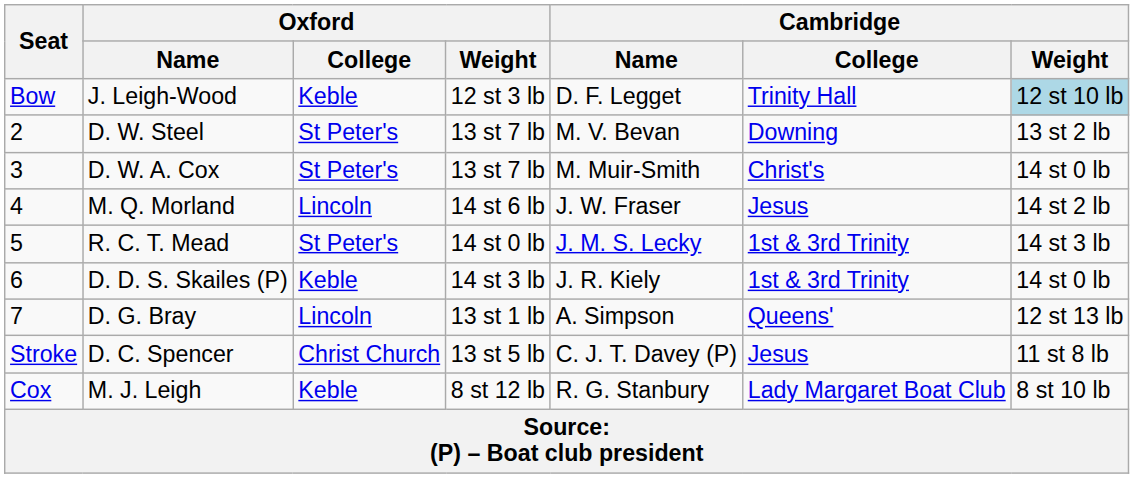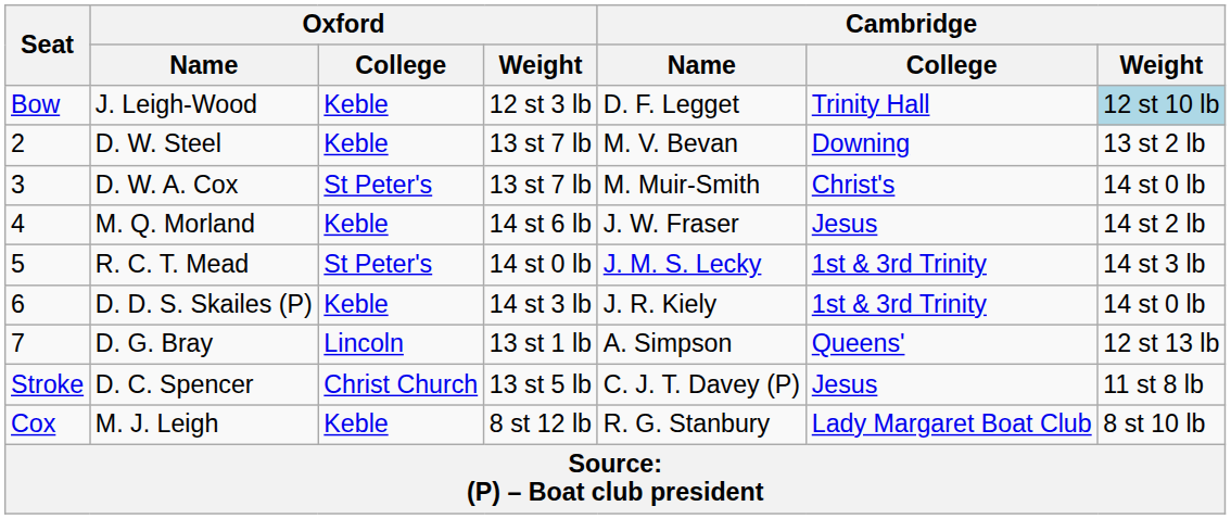 <table class="wikitable">
 <tr>
 <th rowspan="2" scope="col">Seat</th>
 <th colspan="3" scope="col">Oxford <br> </th>
 <th colspan="3" scope="col">Cambridge <br> </th>
 </tr>
 <tr>
 <th>Name</th>
 <th>College</th>
 <th>Weight</th>
 <th>Name</th>
 <th>College</th>
 <th>Weight</th>
 </tr>
 <tr>
 <td><a href='#'>Bow</a></td>
 <td>J. Leigh-Wood</td>
 <td><a href='#'>Keble</a></td>
 <td>12 st 3 lb</td>
 <td>D. F. Legget</td>
 <td><a href='#'>Trinity Hall</a></td>
 <td style="background: lightblue;">12 st 10 lb</td>
 </tr>
 <tr>
 <td>2</td>
 <td>D. W. Steel</td>
-<td><a href='#'>St Peter's</a></td>
+<td><a href='#'>Keble</a></td>
 <td>13 st 7 lb</td>
 <td>M. V. Bevan</td>
 <td><a href='#'>Downing</a></td>
 <td>13 st 2 lb</td>
 </tr>
 <tr>
 <td>3</td>
 <td>D. W. A. Cox</td>
 <td><a href='#'>St Peter's</a></td>
 <td>13 st 7 lb</td>
 <td>M. Muir-Smith</td>
 <td><a href='#'>Christ's</a></td>
 <td>14 st 0 lb</td>
 </tr>
 <tr>
 <td>4</td>
 <td>M. Q. Morland</td>
-<td><a href='#'>Lincoln</a></td>
+<td><a href='#'>Keble</a></td>
 <td>14 st 6 lb</td>
 <td>J. W. Fraser</td>
 <td><a href='#'>Jesus</a></td>
 <td>14 st 2 lb</td>
 </tr>
 <tr>
 <td>5</td>
 <td>R. C. T. Mead</td>
 <td><a href='#'>St Peter's</a></td>
 <td>14 st 0 lb</td>
 <td><a href='#'>J. M. S. Lecky</a></td>
 <td><a href='#'>1st & 3rd Trinity</a></td>
 <td>14 st 3 lb</td>
 </tr>
 <tr>
 <td>6</td>
 <td>D. D. S. Skailes (P)</td>
 <td><a href='#'>Keble</a></td>
 <td>14 st 3 lb</td>
 <td>J. R. Kiely</td>
 <td><a href='#'>1st & 3rd Trinity</a></td>
 <td>14 st 0 lb</td>
 </tr>
 <tr>
 <td>7</td>
 <td>D. G. Bray</td>
 <td><a href='#'>Lincoln</a></td>
 <td>13 st 1 lb</td>
 <td>A. Simpson</td>
 <td><a href='#'>Queens'</a></td>
 <td>12 st 13 lb</td>
 </tr>
 <tr>
 <td><a href='#'>Stroke</a></td>
 <td>D. C. Spencer</td>
 <td><a href='#'>Christ Church</a></td>
 <td>13 st 5 lb</td>
 <td>C. J. T. Davey (P)</td>
 <td><a href='#'>Jesus</a></td>
 <td>11 st 8 lb</td>
 </tr>
 <tr>
 <td><a href='#'>Cox</a></td>
 <td>M. J. Leigh</td>
 <td><a href='#'>Keble</a></td>
 <td>8 st 12 lb</td>
 <td>R. G. Stanbury</td>
 <td><a href='#'>Lady Margaret Boat Club</a></td>
 <td>8 st 10 lb</td>
 </tr>
 <tr>
 <th colspan="7">Source:<br>(P) – Boat club president</th>
 </tr>
 </table>
